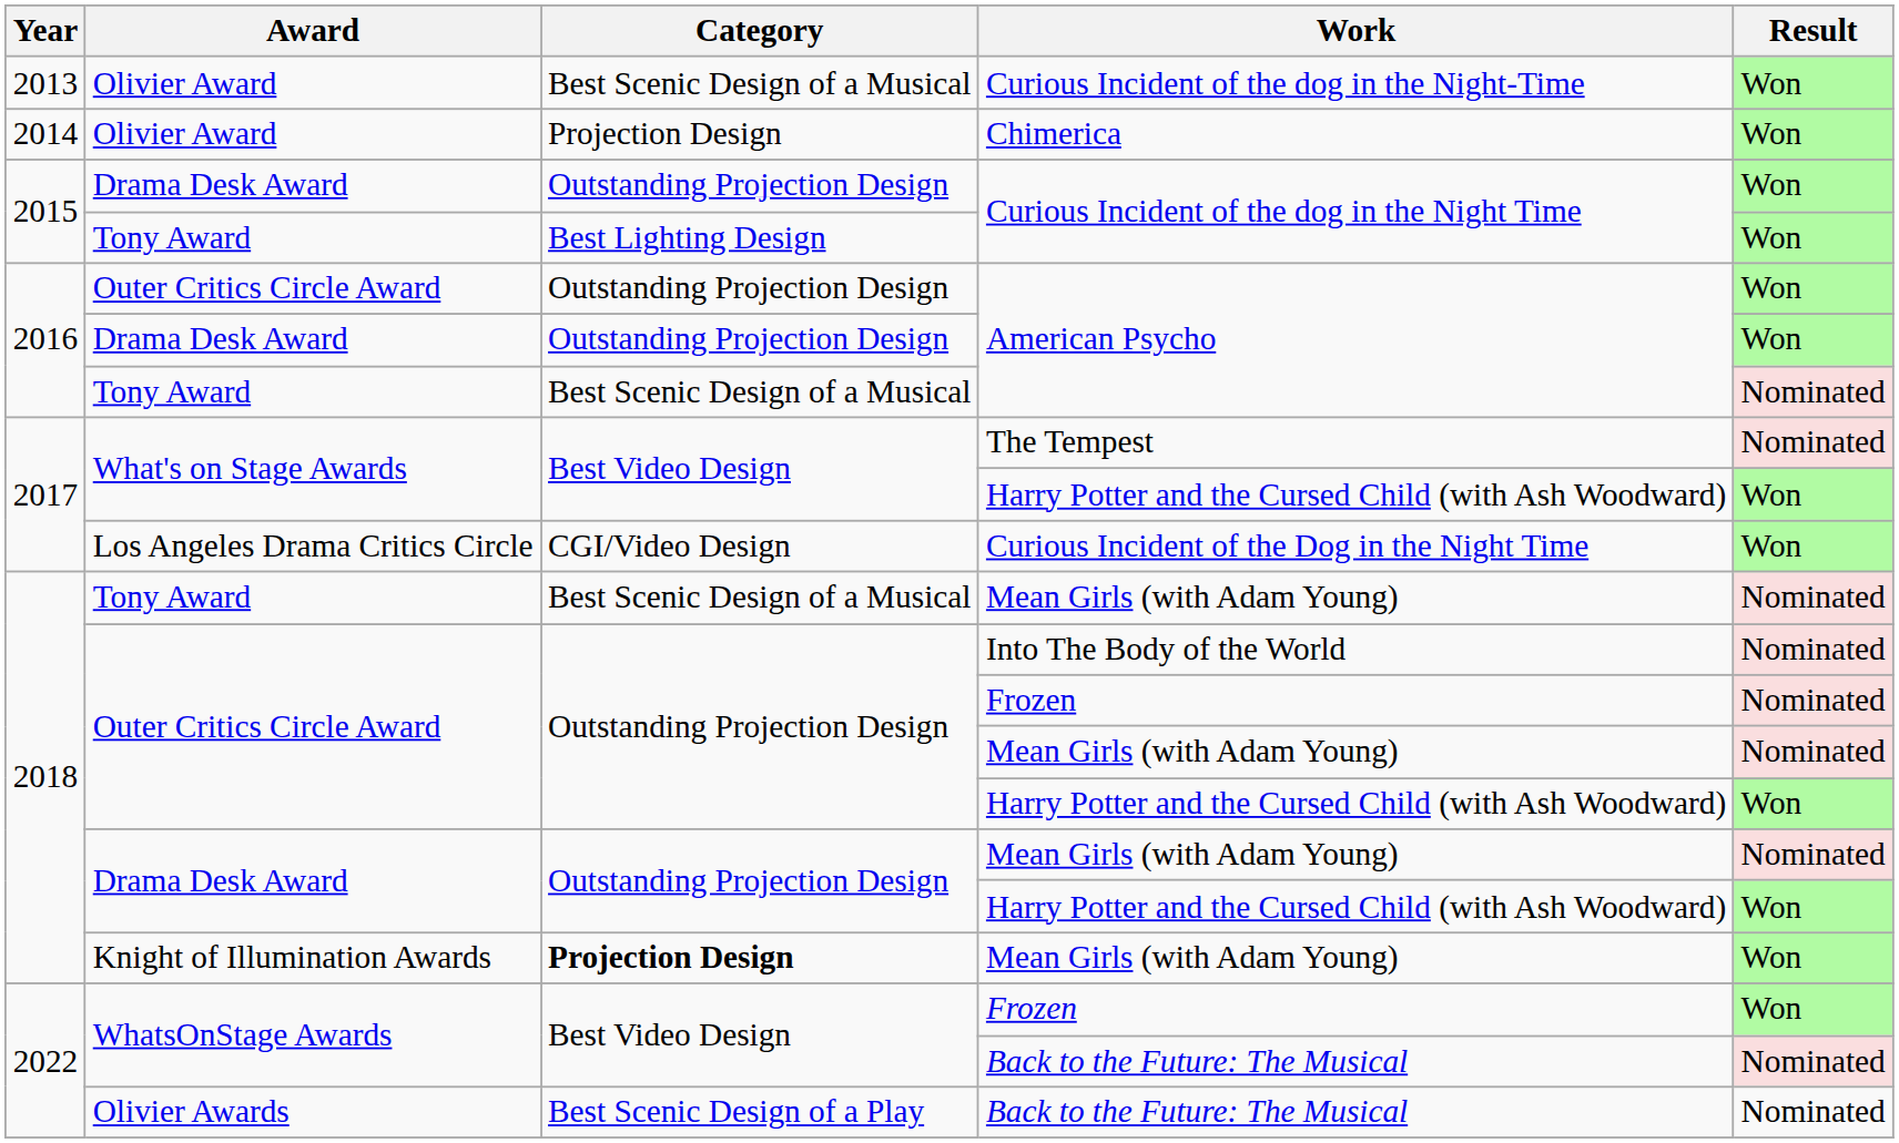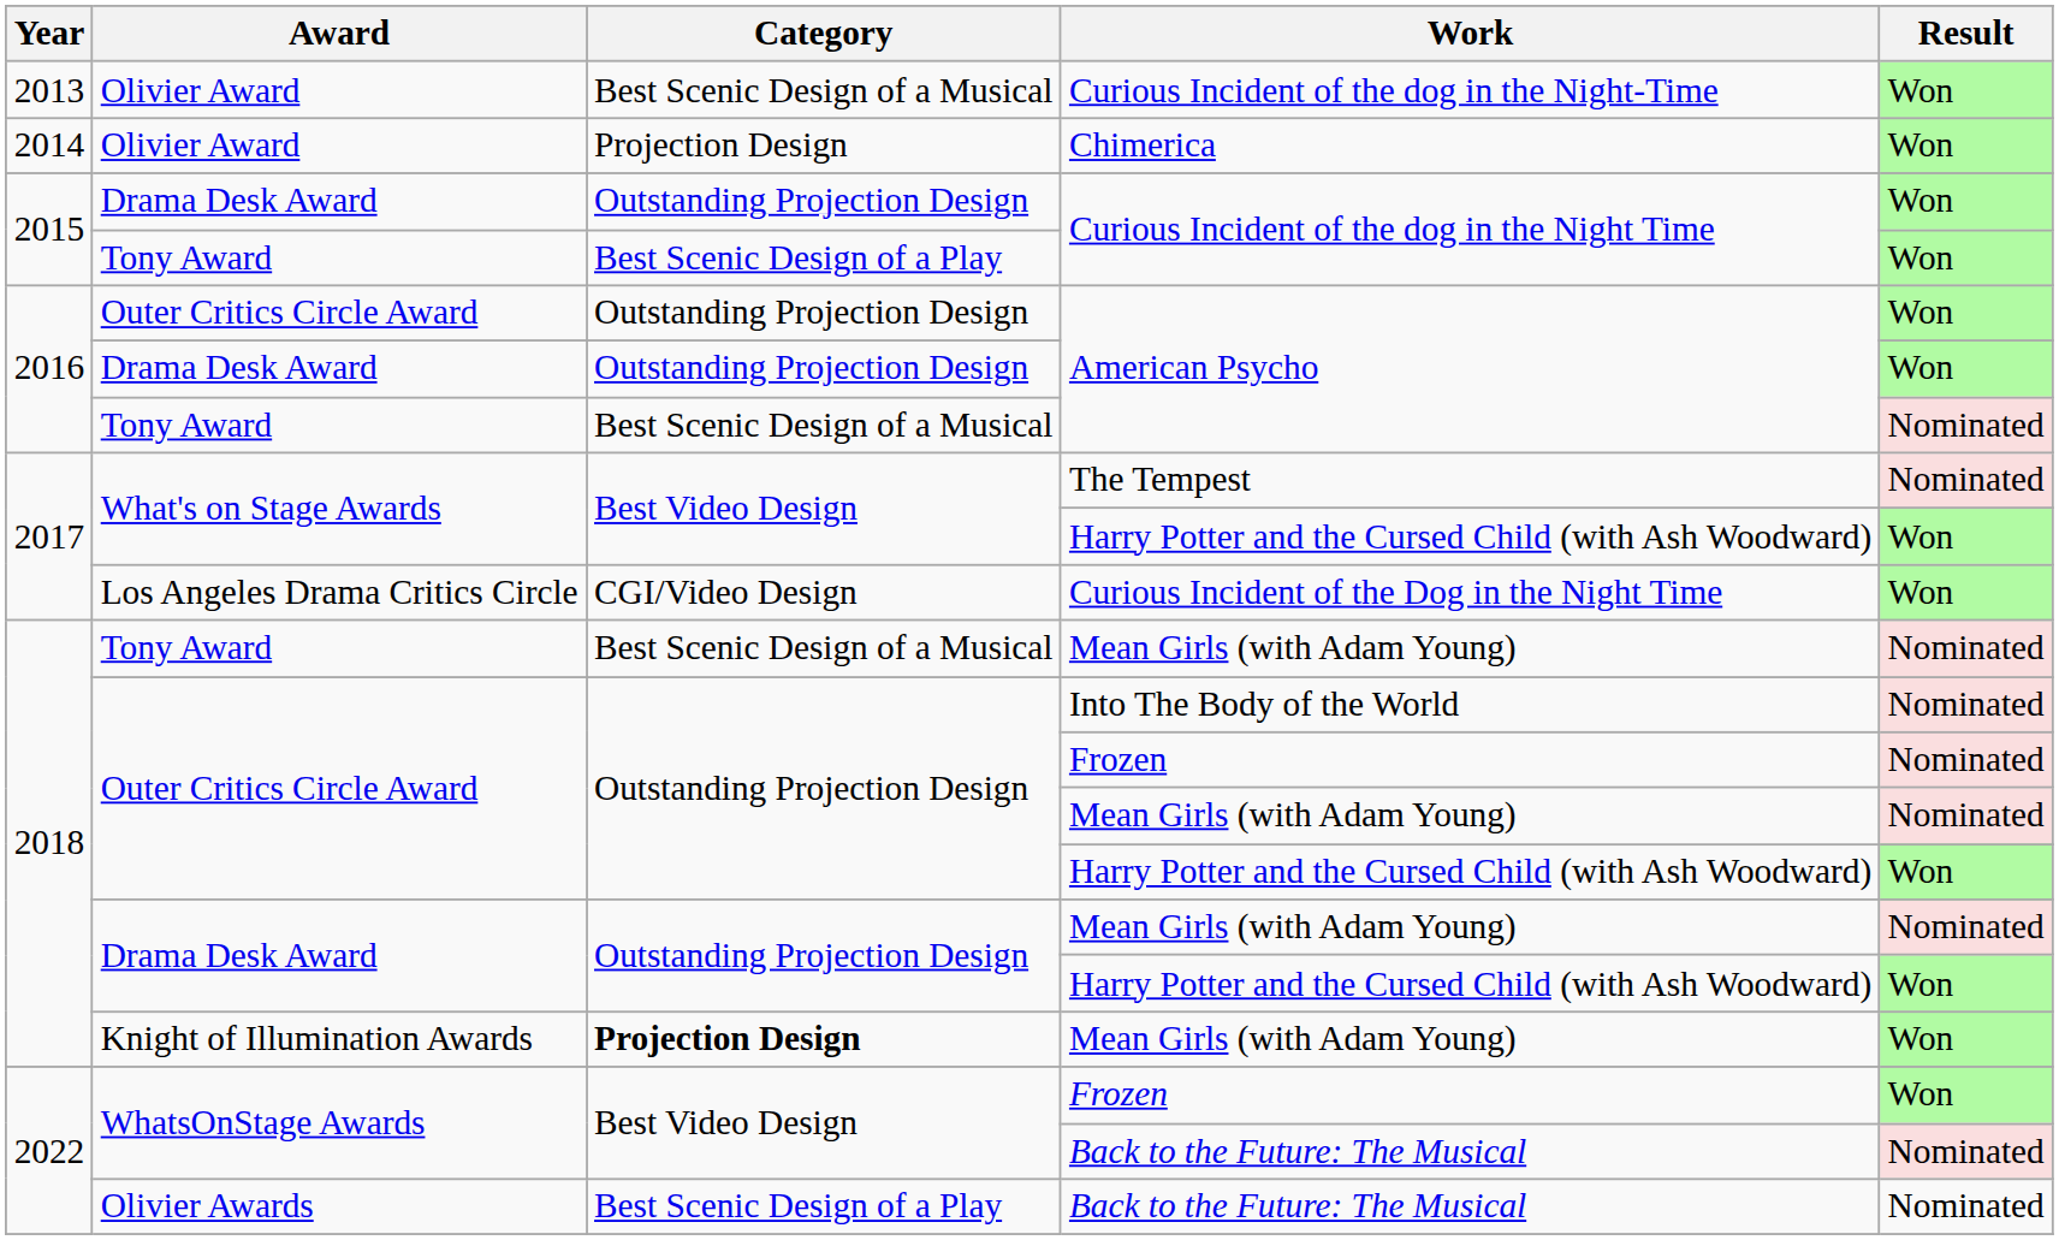 <table class="wikitable">
 <tr>
 <th>Year</th>
 <th>Award</th>
 <th>Category</th>
 <th>Work</th>
 <th>Result</th>
 </tr>
 <tr>
 <td>2013</td>
 <td><a href='#'>Olivier Award</a></td>
 <td>Best Scenic Design of a Musical</td>
 <td><a href='#'>Curious Incident of the dog in the Night-Time</a></td>
 <td style="background: #B1FBA3; colour: black;">Won</td>
 </tr>
 <tr>
 <td>2014</td>
 <td><a href='#'>Olivier Award</a></td>
 <td>Projection Design</td>
 <td><a href='#'>Chimerica</a></td>
 <td style="background: #B1FBA3; colour: black;">Won</td>
 </tr>
 <tr>
 <td rowspan="2">2015</td>
 <td><a href='#'>Drama Desk Award</a></td>
 <td><a href='#'>Outstanding Projection Design</a></td>
 <td rowspan="2"><a href='#'>Curious Incident of the dog in the Night Time</a></td>
 <td style="background: #B1FBA3; colour: black;">Won</td>
 </tr>
 <tr>
 <td><a href='#'>Tony Award</a></td>
-<td><a href='#'>Best Lighting Design</a></td>
+<td><a href='#'>Best Scenic Design of a Play</a></td>
 <td style="background: #B1FBA3; colour: black;">Won</td>
 </tr>
 <tr>
 <td rowspan="3">2016</td>
 <td><a href='#'>Outer Critics Circle Award</a></td>
 <td>Outstanding Projection Design</td>
 <td rowspan="3"><a href='#'>American Psycho</a></td>
 <td style="background: #B1FBA3; colour: black;">Won</td>
 </tr>
 <tr>
 <td><a href='#'>Drama Desk Award</a></td>
 <td><a href='#'>Outstanding Projection Design</a></td>
 <td style="background: #B1FBA3; colour: black;">Won</td>
 </tr>
 <tr>
 <td><a href='#'>Tony Award</a></td>
 <td>Best Scenic Design of a Musical</td>
 <td style="background: #FADEDF; colour: black;">Nominated</td>
 </tr>
 <tr>
 <td rowspan="3">2017</td>
 <td rowspan="2"><a href='#'>What's on Stage Awards</a></td>
 <td rowspan="2"><a href='#'>Best Video Design</a></td>
 <td>The Tempest</td>
 <td style="background: #FADEDF; colour: black;">Nominated</td>
 </tr>
 <tr>
 <td><a href='#'>Harry Potter and the Cursed Child</a> (with Ash Woodward)</td>
 <td style="background: #B1FBA3; colour: black;">Won</td>
 </tr>
 <tr>
 <td>Los Angeles Drama Critics Circle</td>
 <td>CGI/Video Design</td>
 <td><a href='#'>Curious Incident of the Dog in the Night Time</a></td>
 <td style="background: #B1FBA3; colour: black;">Won</td>
 </tr>
 <tr>
 <td rowspan="8">2018</td>
 <td><a href='#'>Tony Award</a></td>
 <td>Best Scenic Design of a Musical</td>
 <td><a href='#'>Mean Girls</a> (with Adam Young)</td>
 <td style="background: #FADEDF; colour: black;">Nominated</td>
 </tr>
 <tr>
 <td rowspan="4"><a href='#'>Outer Critics Circle Award</a></td>
 <td rowspan="4">Outstanding Projection Design</td>
 <td>Into The Body of the World</td>
 <td style="background: #FADEDF; colour: black;">Nominated</td>
 </tr>
 <tr>
 <td><a href='#'>Frozen</a></td>
 <td style="background: #FADEDF; colour: black;">Nominated</td>
 </tr>
 <tr>
 <td><a href='#'>Mean Girls</a> (with Adam Young)</td>
 <td style="background: #FADEDF; colour: black;">Nominated</td>
 </tr>
 <tr>
 <td><a href='#'>Harry Potter and the Cursed Child</a> (with Ash Woodward)</td>
 <td style="background: #B1FBA3; colour: black;">Won</td>
 </tr>
 <tr>
 <td rowspan="2"><a href='#'>Drama Desk Award</a></td>
 <td rowspan="2"><a href='#'>Outstanding Projection Design</a></td>
 <td><a href='#'>Mean Girls</a> (with Adam Young)</td>
 <td style="background: #FADEDF; colour: black;">Nominated</td>
 </tr>
 <tr>
 <td><a href='#'>Harry Potter and the Cursed Child</a> (with Ash Woodward)</td>
 <td style="background: #B1FBA3; colour: black;">Won</td>
 </tr>
 <tr>
 <td>Knight of Illumination Awards</td>
 <td><strong>Projection Design</strong></td>
 <td><a href='#'>Mean Girls</a> (with Adam Young)</td>
 <td style="background: #B1FBA3; colour: black;">Won</td>
 </tr>
 <tr>
 <td rowspan="3">2022</td>
 <td rowspan=2><a href='#'>WhatsOnStage Awards</a></td>
 <td rowspan=2>Best Video Design</td>
 <td><em><a href='#'>Frozen</a></em></td>
 <td style="background: #B1FBA3; colour: black;">Won</td>
 </tr>
 <tr>
 <td><em><a href='#'>Back to the Future: The Musical</a></em></td>
 <td style="background: #FADEDF; colour: black;">Nominated</td>
 </tr>
 <tr>
 <td><a href='#'>Olivier Awards</a></td>
 <td><a href='#'>Best Scenic Design of a Play</a></td>
 <td><em><a href='#'>Back to the Future: The Musical</a></em></td>
 <td>Nominated</td>
 </tr>
 </table>
